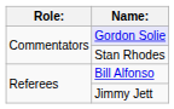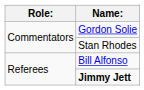 <table class=wikitable style="font-size:90%; margin: 0.5em 0 0.5em 1em; float: right; clear: right;">
 <tr>
 <th>Role:</th>
 <th>Name:</th>
 </tr>
 <tr>
 <td rowspan=2>Commentators</td>
-<td style="background: lavender;"><a href='#'>Gordon Solie</a></td>
+<td><a href='#'>Gordon Solie</a></td>
 </tr>
 <tr>
 <td>Stan Rhodes</td>
 </tr>
 <tr>
 <td rowspan=2>Referees</td>
 <td><a href='#'>Bill Alfonso</a></td>
 </tr>
 <tr>
-<td>Jimmy Jett</td>
+<td><strong>Jimmy Jett</strong></td>
 </tr>
 </table>
